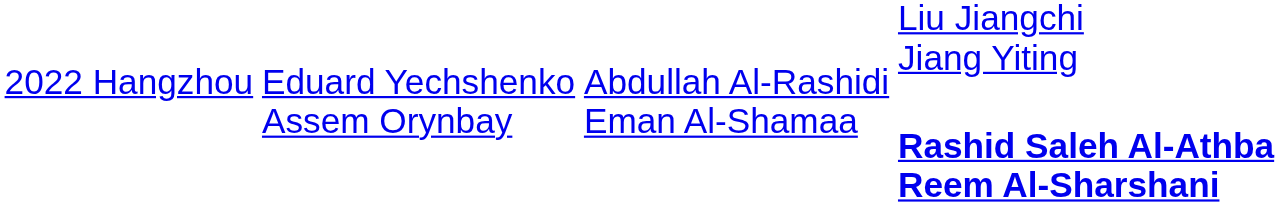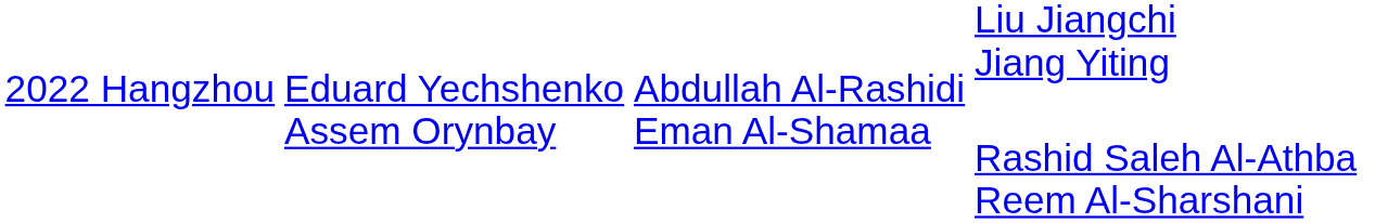 <table>
 <tr>
 <td rowspan=2><a href='#'>2022 Hangzhou</a></td>
 <td rowspan=2><br><a href='#'>Eduard Yechshenko</a> <br><a href='#'>Assem Orynbay</a></td>
 <td rowspan=2><br><a href='#'>Abdullah Al-Rashidi</a><br><a href='#'>Eman Al-Shamaa</a></td>
 <td><br><a href='#'>Liu Jiangchi</a><br><a href='#'>Jiang Yiting</a></td>
 </tr>
 <tr>
-<td><strong><br><a href='#'>Rashid Saleh Al-Athba</a><br><a href='#'>Reem Al-Sharshani</a></strong></td>
+<td><br><a href='#'>Rashid Saleh Al-Athba</a><br><a href='#'>Reem Al-Sharshani</a></td>
 </tr>
 </table>
